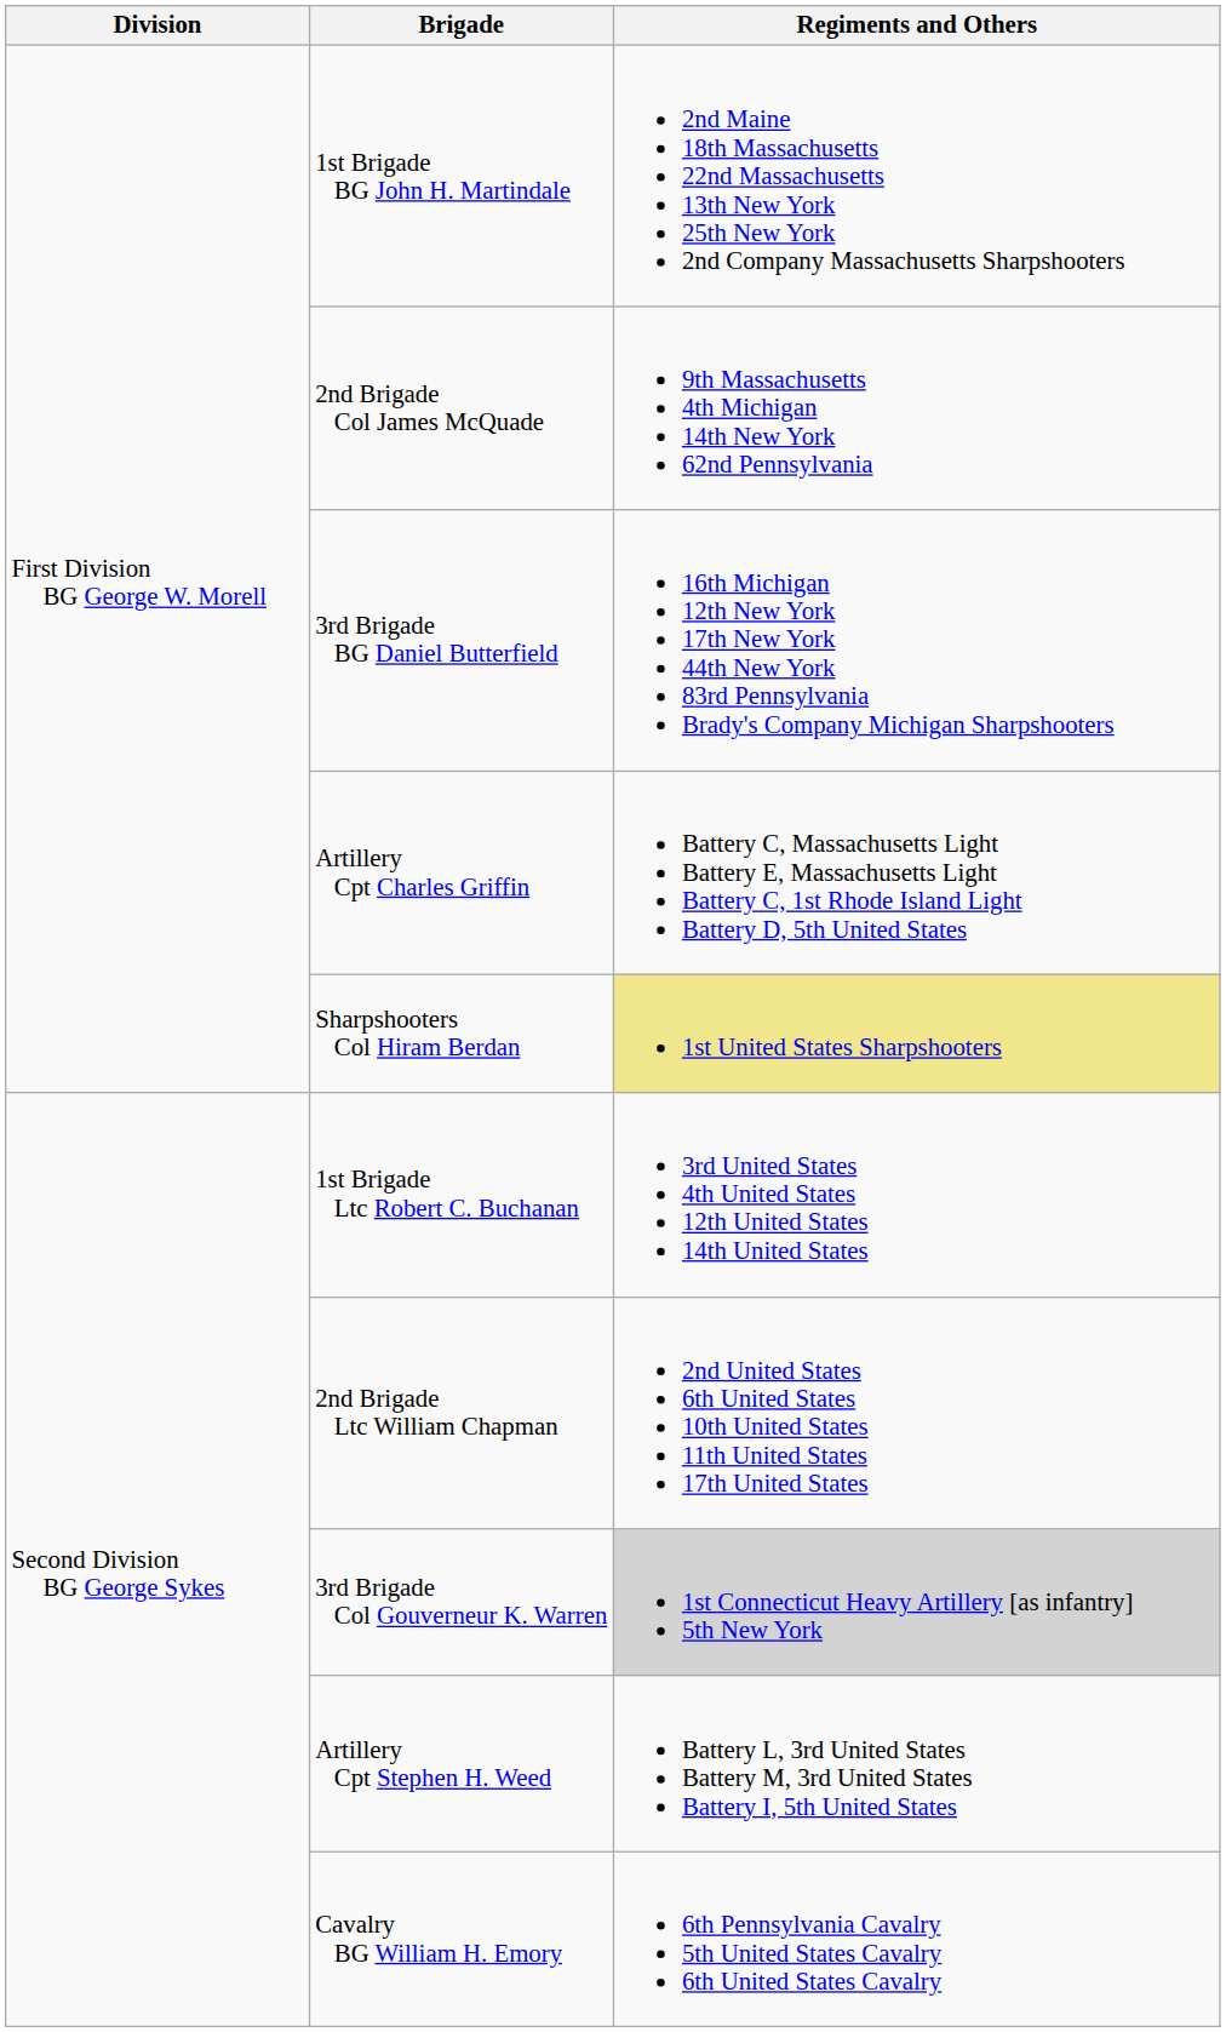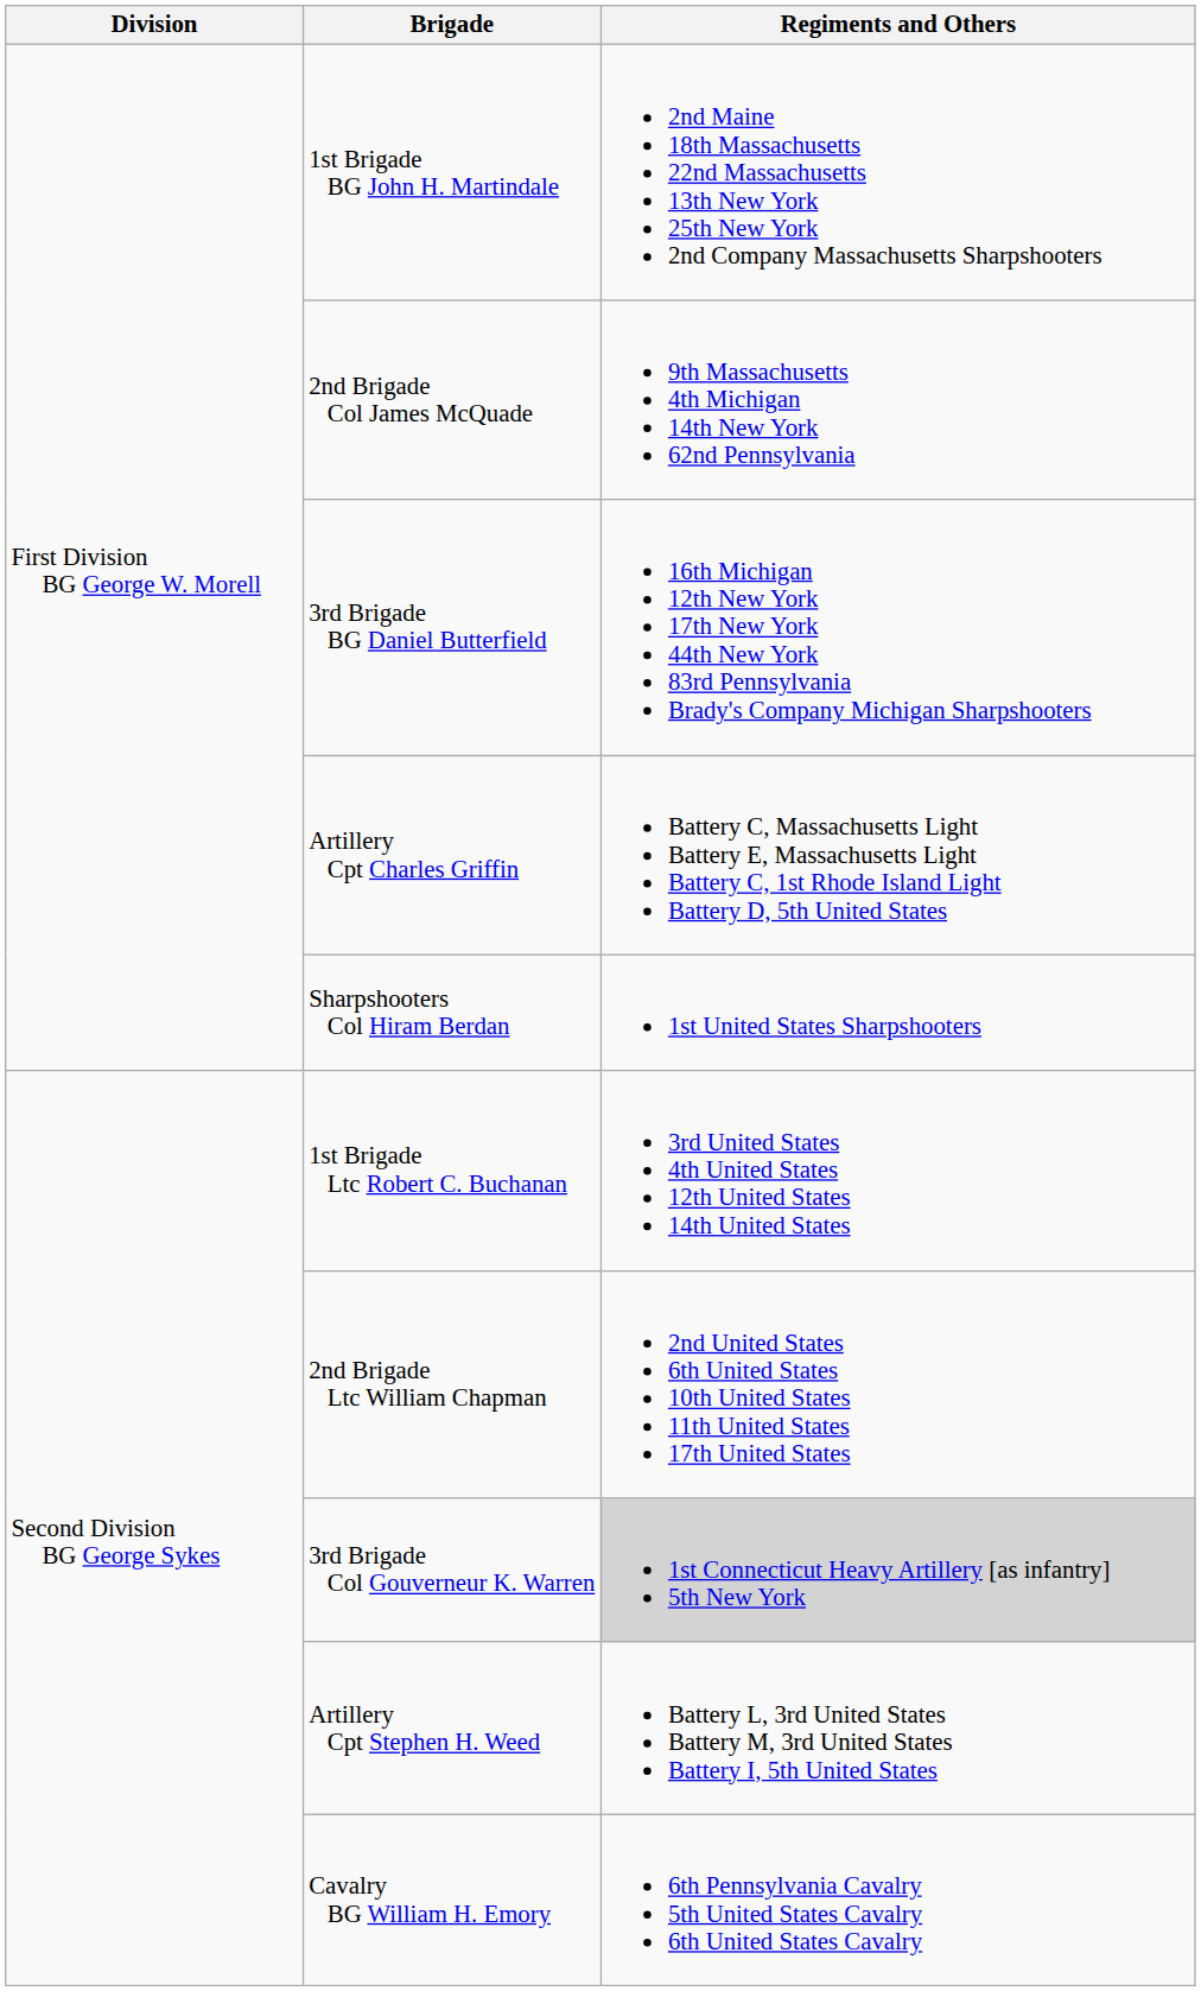 <table class="wikitable">
 <tr>
 <th width=25%>Division</th>
 <th width=25%>Brigade</th>
 <th>Regiments and Others</th>
 </tr>
 <tr>
 <td rowspan=5><br>First Division <br>     BG <a href='#'>George W. Morell</a></td>
 <td>1st Brigade<br>   BG <a href='#'>John H. Martindale</a></td>
 <td><br><ul><li><a href='#'>2nd Maine</a></li><li><a href='#'>18th Massachusetts</a></li><li><a href='#'>22nd Massachusetts</a></li><li><a href='#'>13th New York</a></li><li><a href='#'>25th New York</a></li><li>2nd Company Massachusetts Sharpshooters</li></ul></td>
 </tr>
 <tr>
 <td>2nd Brigade<br>   Col James McQuade</td>
 <td><br><ul><li><a href='#'>9th Massachusetts</a></li><li><a href='#'>4th Michigan</a></li><li><a href='#'>14th New York</a></li><li><a href='#'>62nd Pennsylvania</a></li></ul></td>
 </tr>
 <tr>
 <td>3rd Brigade<br>   BG <a href='#'>Daniel Butterfield</a></td>
 <td><br><ul><li><a href='#'>16th Michigan</a></li><li><a href='#'>12th New York</a></li><li><a href='#'>17th New York</a></li><li><a href='#'>44th New York</a></li><li><a href='#'>83rd Pennsylvania</a></li><li><a href='#'>Brady's Company Michigan Sharpshooters</a></li></ul></td>
 </tr>
 <tr>
 <td>Artillery<br>   Cpt <a href='#'>Charles Griffin</a></td>
 <td><br><ul><li>Battery C, Massachusetts Light</li><li>Battery E, Massachusetts Light</li><li><a href='#'>Battery C, 1st Rhode Island Light</a></li><li><a href='#'>Battery D, 5th United States</a></li></ul></td>
 </tr>
 <tr>
 <td>Sharpshooters<br>   Col <a href='#'>Hiram Berdan</a></td>
-<td style="background: khaki;"><br><ul><li><a href='#'>1st United States Sharpshooters</a></li></ul></td>
+<td><br><ul><li><a href='#'>1st United States Sharpshooters</a></li></ul></td>
 </tr>
 <tr>
 <td rowspan=5><br>Second Division <br>     BG <a href='#'>George Sykes</a></td>
 <td>1st Brigade<br>   Ltc <a href='#'>Robert C. Buchanan</a></td>
 <td><br><ul><li><a href='#'>3rd United States</a></li><li><a href='#'>4th United States</a></li><li><a href='#'>12th United States</a></li><li><a href='#'>14th United States</a></li></ul></td>
 </tr>
 <tr>
 <td>2nd Brigade<br>   Ltc William Chapman</td>
 <td><br><ul><li><a href='#'>2nd United States</a></li><li><a href='#'>6th United States</a></li><li><a href='#'>10th United States</a></li><li><a href='#'>11th United States</a></li><li><a href='#'>17th United States</a></li></ul></td>
 </tr>
 <tr>
 <td>3rd Brigade<br>   Col <a href='#'>Gouverneur K. Warren</a></td>
 <td style="background: lightgrey;"><br><ul><li><a href='#'>1st Connecticut Heavy Artillery</a> [as infantry]</li><li><a href='#'>5th New York</a></li></ul></td>
 </tr>
 <tr>
 <td>Artillery<br>   Cpt <a href='#'>Stephen H. Weed</a></td>
 <td><br><ul><li>Battery L, 3rd United States</li><li>Battery M, 3rd United States</li><li><a href='#'>Battery I, 5th United States</a></li></ul></td>
 </tr>
 <tr>
 <td>Cavalry<br>   BG <a href='#'>William H. Emory</a></td>
 <td><br><ul><li><a href='#'>6th Pennsylvania Cavalry</a></li><li><a href='#'>5th United States Cavalry</a></li><li><a href='#'>6th United States Cavalry</a></li></ul></td>
 </tr>
 <tr>
 </tr>
 </table>
